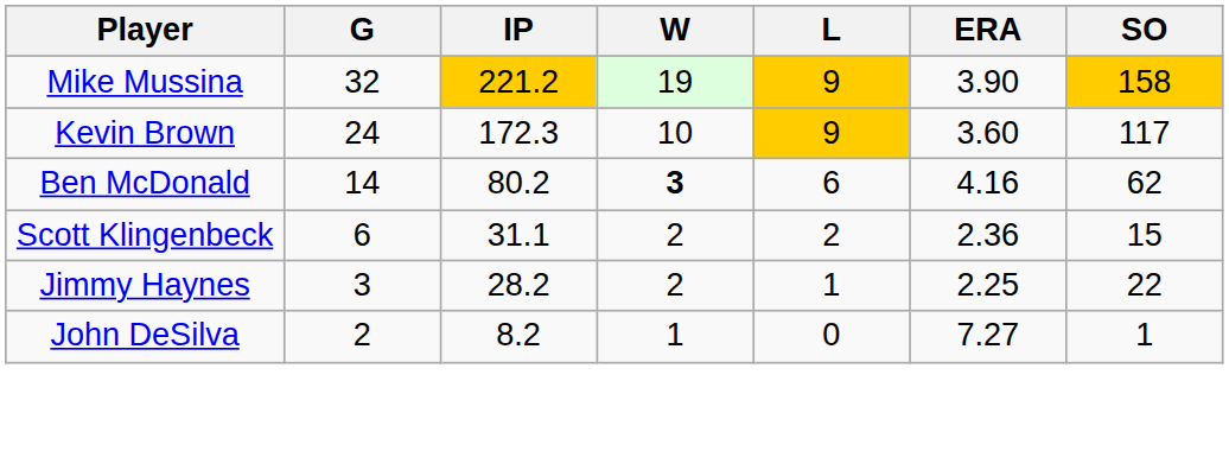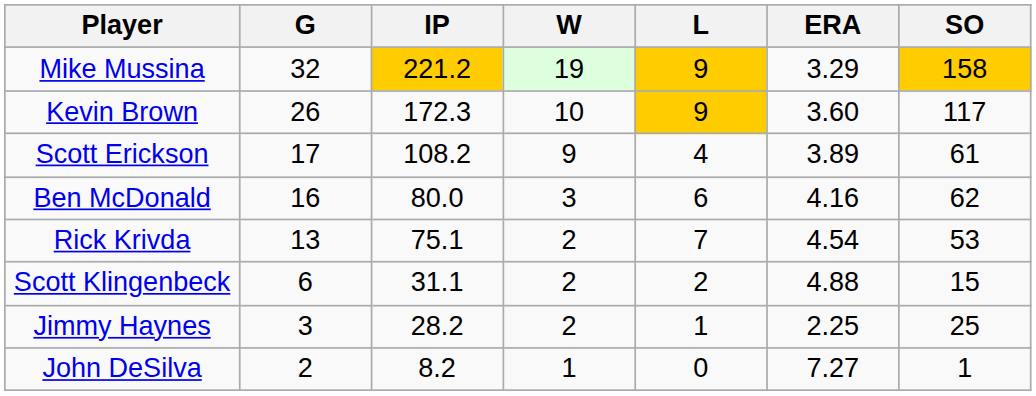 <table class="wikitable sortable">
 <tr>
 <th bgcolor="#DDDDFF" width="16%">Player</th>
 <th bgcolor="#DDDDFF" width="9%">G</th>
 <th bgcolor="#DDDDFF" width="9%">IP</th>
 <th bgcolor="#DDDDFF" width="9%">W</th>
 <th bgcolor="#DDDDFF" width="9%">L</th>
 <th bgcolor="#DDDDFF" width="9%">ERA</th>
 <th bgcolor="#DDDDFF" width="9%">SO</th>
 </tr>
 <tr align=center>
 <td><a href='#'>Mike Mussina</a></td>
 <td>32</td>
 <td style="background:#fc0;">221.2</td>
 <td style="background:#DDFFDD;">19</td>
 <td style="background:#fc0;">9</td>
-<td>3.90</td>
+<td>3.29</td>
 <td style="background:#fc0;">158</td>
 </tr>
 <tr align=center>
 <td><a href='#'>Kevin Brown</a></td>
-<td>24</td>
+<td>26</td>
 <td>172.3</td>
 <td>10</td>
 <td style="background:#fc0;">9</td>
 <td>3.60</td>
 <td>117</td>
 </tr>
 <tr align=center>
+<td><a href='#'>Scott Erickson</a></td>
+<td>17</td>
+<td>108.2</td>
+<td>9</td>
+<td>4</td>
+<td>3.89</td>
+<td>61</td>
+</tr>
+<tr align=center>
 <td><a href='#'>Ben McDonald</a></td>
-<td>14</td>
-<td>80.2</td>
-<td><strong>3</strong></td>
+<td>16</td>
+<td>80.0</td>
+<td>3</td>
 <td>6</td>
 <td>4.16</td>
 <td>62</td>
+</tr>
+<tr align=center>
+<td><a href='#'>Rick Krivda</a></td>
+<td>13</td>
+<td>75.1</td>
+<td>2</td>
+<td>7</td>
+<td>4.54</td>
+<td>53</td>
 </tr>
 <tr align=center>
 <td><a href='#'>Scott Klingenbeck</a></td>
 <td>6</td>
 <td>31.1</td>
 <td>2</td>
 <td>2</td>
-<td>2.36</td>
+<td>4.88</td>
 <td>15</td>
 </tr>
 <tr align=center>
 <td><a href='#'>Jimmy Haynes</a></td>
 <td>3</td>
 <td>28.2</td>
 <td>2</td>
 <td>1</td>
 <td>2.25</td>
-<td>22</td>
+<td>25</td>
 </tr>
 <tr align=center>
 <td><a href='#'>John DeSilva</a></td>
 <td>2</td>
 <td>8.2</td>
 <td>1</td>
 <td>0</td>
 <td>7.27</td>
 <td>1</td>
 </tr>
 </table>
